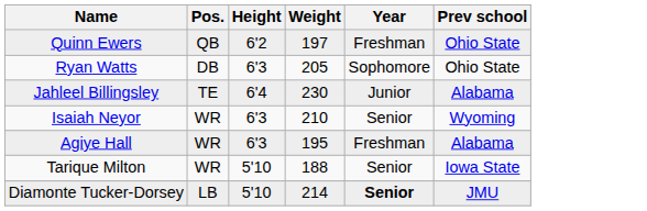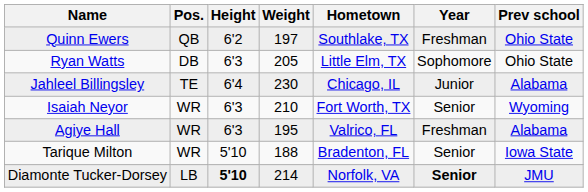 <table class="wikitable sortable">
 <tr>
 <th style="text-align:center; ">Name</th>
 <th style="text-align:center; ">Pos.</th>
 <th style="text-align:center; ">Height</th>
 <th style="text-align:center; ">Weight</th>
+<th style="text-align:center; ">Hometown</th>
 <th style="text-align:center; ">Year</th>
 <th style="text-align:center; ">Prev school</th>
 </tr>
 <tr style="background:#eeeeee;"align="center">
 <td><a href='#'>Quinn Ewers</a></td>
 <td>QB</td>
 <td>6'2</td>
 <td>197</td>
+<td><a href='#'>Southlake, TX</a></td>
 <td>Freshman</td>
 <td><a href='#'>Ohio State</a></td>
 </tr>
 <tr align="center">
 <td><a href='#'>Ryan Watts</a></td>
 <td>DB</td>
 <td>6'3</td>
 <td>205</td>
+<td><a href='#'>Little Elm, TX</a></td>
 <td>Sophomore</td>
 <td>Ohio State</td>
 </tr>
 <tr style="background:#eeeeee;"align="center">
 <td><a href='#'>Jahleel Billingsley</a></td>
 <td>TE</td>
 <td>6'4</td>
 <td>230</td>
+<td><a href='#'>Chicago, IL</a></td>
 <td>Junior</td>
 <td><a href='#'>Alabama</a></td>
 </tr>
 <tr align="center">
 <td><a href='#'>Isaiah Neyor</a></td>
 <td>WR</td>
 <td>6'3</td>
 <td>210</td>
+<td><a href='#'>Fort Worth, TX</a></td>
 <td>Senior</td>
 <td><a href='#'>Wyoming</a></td>
 </tr>
 <tr style="background:#eeeeee;"align="center">
 <td><a href='#'>Agiye Hall</a></td>
 <td>WR</td>
 <td>6'3</td>
 <td>195</td>
+<td><a href='#'>Valrico, FL</a></td>
 <td>Freshman</td>
 <td><a href='#'>Alabama</a></td>
 </tr>
 <tr align="center">
 <td>Tarique Milton</td>
 <td>WR</td>
 <td>5'10</td>
 <td>188</td>
+<td><a href='#'>Bradenton, FL</a></td>
 <td>Senior</td>
 <td><a href='#'>Iowa State</a></td>
 </tr>
 <tr style="background:#eeeeee;"align="center">
 <td>Diamonte Tucker-Dorsey</td>
 <td>LB</td>
-<td>5'10</td>
+<td><strong>5'10</strong></td>
 <td>214</td>
+<td><a href='#'>Norfolk, VA</a></td>
 <td><strong>Senior</strong></td>
 <td><a href='#'>JMU</a></td>
 </tr>
 </table>
